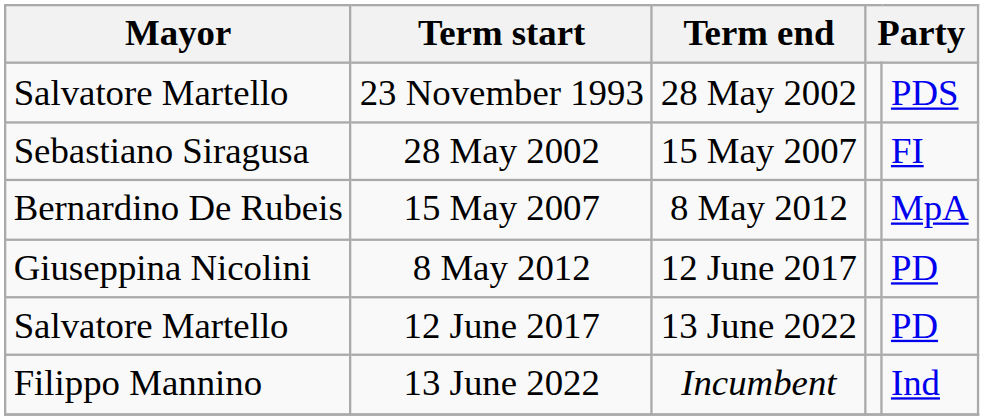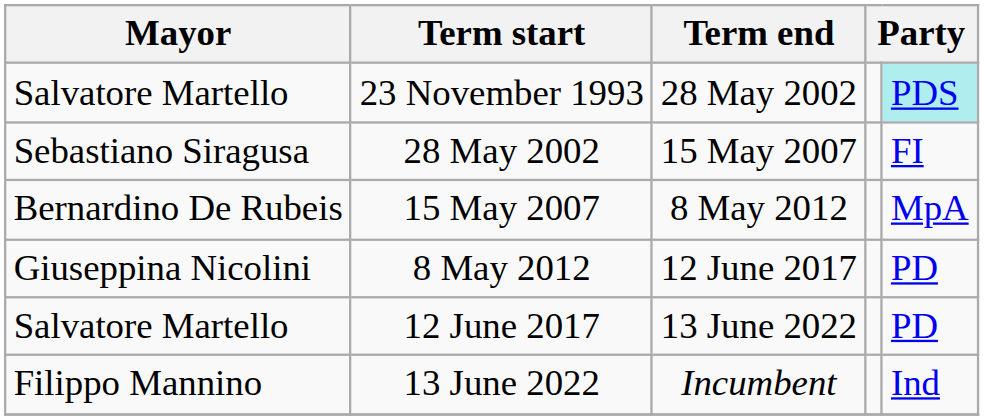 <table class="wikitable">
 <tr>
 <th>Mayor</th>
 <th>Term start</th>
 <th>Term end</th>
 <th colspan=2>Party</th>
 </tr>
 <tr>
 <td>Salvatore Martello</td>
 <td align=center>23 November 1993</td>
 <td align=center>28 May 2002</td>
 <td bgcolor=></td>
-<td><a href='#'>PDS</a></td>
+<td style="background: paleturquoise;"><a href='#'>PDS</a></td>
 </tr>
 <tr>
 <td>Sebastiano Siragusa</td>
 <td align=center>28 May 2002</td>
 <td align=center>15 May 2007</td>
 <td bgcolor=></td>
 <td><a href='#'>FI</a></td>
 </tr>
 <tr>
 <td>Bernardino De Rubeis</td>
 <td align=center>15 May 2007</td>
 <td align=center>8 May 2012</td>
 <td bgcolor=></td>
 <td><a href='#'>MpA</a></td>
 </tr>
 <tr>
 <td>Giuseppina Nicolini</td>
 <td align=center>8 May 2012</td>
 <td align=center>12 June 2017</td>
 <td bgcolor=></td>
 <td><a href='#'>PD</a></td>
 </tr>
 <tr>
 <td>Salvatore Martello</td>
 <td align=center>12 June 2017</td>
 <td align=center>13 June 2022</td>
 <td bgcolor=></td>
 <td><a href='#'>PD</a></td>
 </tr>
 <tr>
 <td>Filippo Mannino</td>
 <td align=center>13 June 2022</td>
 <td align=center><em>Incumbent</em></td>
 <td bgcolor=></td>
 <td><a href='#'>Ind</a></td>
 </tr>
 <tr>
 </tr>
 </table>
